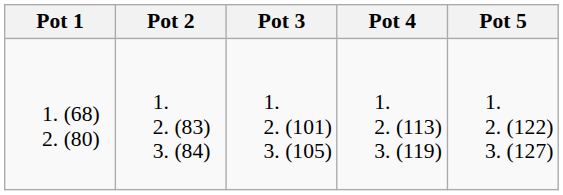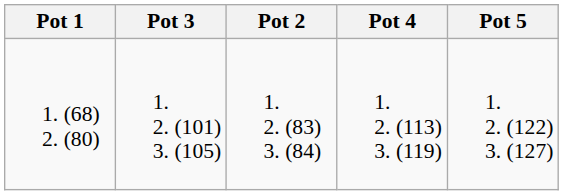 <table class="wikitable">
 <tr>
 <th width=20%>Pot 1</th>
+<th width=20%>Pot 3</th>
 <th width=20%>Pot 2</th>
-<th width=20%>Pot 3</th>
 <th width=20%>Pot 4</th>
 <th width=20%>Pot 5</th>
 </tr>
 <tr>
 <td><br><ol><li> (68)</li><li> (80)</li></ol></td>
+<td><br><ol><li><li> (101)</li><li> (105)</li></ol></td>
 <td><br><ol><li><li> (83)</li><li> (84)</li></ol></td>
-<td><br><ol><li><li> (101)</li><li> (105)</li></ol></td>
 <td><br><ol><li><li> (113)</li><li> (119)</li></ol></td>
 <td><br><ol><li><li> (122)</li><li> (127)</li></ol></td>
 </tr>
 </table>
